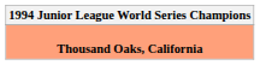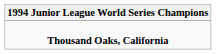 <table class="wikitable" style="text-align: center; margin: 0 auto;">
 <tr>
 <th>1994 Junior League World Series Champions</th>
 </tr>
 <tr>
 </tr>
 <tr>
-<td style="background: lightsalmon;"><br><strong>Thousand Oaks, California</strong></td>
+<td><br><strong>Thousand Oaks, California</strong></td>
 </tr>
 </table>
